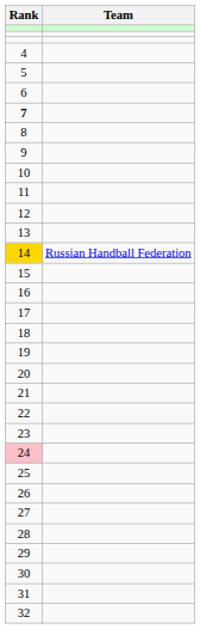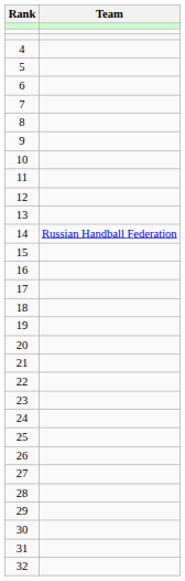 <table class="wikitable">
 <tr>
 <th style="width: 40px;">Rank</th>
 <th>Team</th>
 </tr>
 <tr style="background: #CCFFCC;">
 <td style="text-align: center;"></td>
 <td></td>
 </tr>
 <tr>
 <td style="text-align: center;"></td>
 <td></td>
 </tr>
 <tr>
 <td style="text-align: center;"></td>
 <td></td>
 </tr>
 <tr>
 <td style="text-align: center;">4</td>
 <td></td>
 </tr>
 <tr>
 <td style="text-align: center;">5</td>
 <td></td>
 </tr>
 <tr>
 <td style="text-align: center;">6</td>
 <td></td>
 </tr>
 <tr>
-<td style="text-align: center;"><strong>7</strong></td>
+<td style="text-align: center;">7</td>
 <td></td>
 </tr>
 <tr>
 <td style="text-align: center;">8</td>
 <td></td>
 </tr>
 <tr>
 <td style="text-align: center;">9</td>
 <td></td>
 </tr>
 <tr>
 <td style="text-align: center;">10</td>
 <td></td>
 </tr>
 <tr>
 <td style="text-align: center;">11</td>
 <td></td>
 </tr>
 <tr>
 <td style="text-align: center;">12</td>
 <td></td>
 </tr>
 <tr>
 <td style="text-align: center;">13</td>
 <td></td>
 </tr>
 <tr>
-<td style="background: gold; text-align: center;">14</td>
+<td style="text-align: center;">14</td>
 <td> <a href='#'>Russian Handball Federation</a></td>
 </tr>
 <tr>
 <td style="text-align: center;">15</td>
 <td></td>
 </tr>
 <tr>
 <td style="text-align: center;">16</td>
 <td></td>
 </tr>
 <tr>
 <td style="text-align: center;">17</td>
 <td></td>
 </tr>
 <tr>
 <td style="text-align: center;">18</td>
 <td></td>
 </tr>
 <tr>
 <td style="text-align: center;">19</td>
 <td></td>
 </tr>
 <tr>
 <td style="text-align: center;">20</td>
 <td></td>
 </tr>
 <tr>
 <td style="text-align: center;">21</td>
 <td></td>
 </tr>
 <tr>
 <td style="text-align: center;">22</td>
 <td></td>
 </tr>
 <tr>
 <td style="text-align: center;">23</td>
 <td></td>
 </tr>
 <tr>
-<td style="background: pink; text-align: center;">24</td>
+<td style="text-align: center;">24</td>
 <td></td>
 </tr>
 <tr>
 <td style="text-align: center;">25</td>
 <td></td>
 </tr>
 <tr>
 <td style="text-align: center;">26</td>
 <td></td>
 </tr>
 <tr>
 <td style="text-align: center;">27</td>
 <td></td>
 </tr>
 <tr>
 <td style="text-align: center;">28</td>
 <td></td>
 </tr>
 <tr>
 <td style="text-align: center;">29</td>
 <td></td>
 </tr>
 <tr>
 <td style="text-align: center;">30</td>
 <td></td>
 </tr>
 <tr>
 <td style="text-align: center;">31</td>
 <td></td>
 </tr>
 <tr>
 <td style="text-align: center;">32</td>
 <td></td>
 </tr>
 </table>
